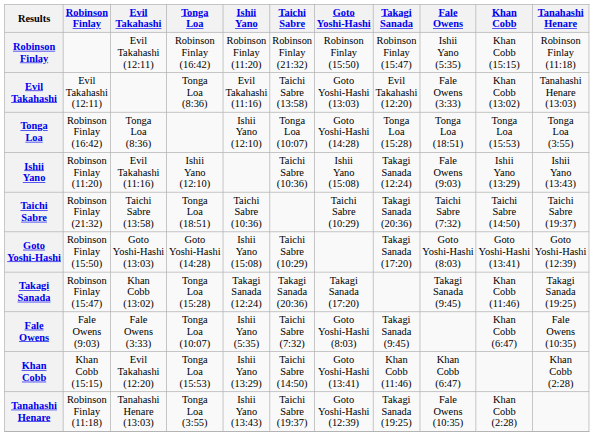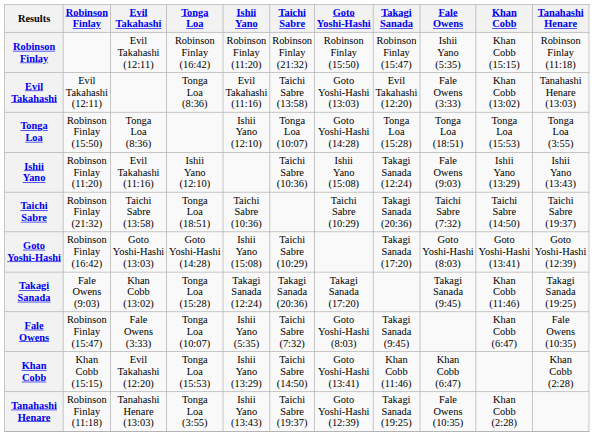 <table class="wikitable" style="text-align:center; margin: 1em auto 1em auto">
 <tr align="center">
 <th>Results</th>
 <th><a href='#'>Robinson</a><br><a href='#'>Finlay</a></th>
 <th><a href='#'>Evil</a><br><a href='#'>Takahashi</a></th>
 <th><a href='#'>Tonga</a><br><a href='#'>Loa</a></th>
 <th><a href='#'>Ishii</a><br><a href='#'>Yano</a></th>
 <th><a href='#'>Taichi</a><br><a href='#'>Sabre</a></th>
 <th><a href='#'>Goto</a><br><a href='#'>Yoshi-Hashi</a></th>
 <th><a href='#'>Takagi</a><br><a href='#'>Sanada</a></th>
 <th><a href='#'>Fale</a><br><a href='#'>Owens</a></th>
 <th><a href='#'>Khan</a><br><a href='#'>Cobb</a></th>
 <th><a href='#'>Tanahashi</a><br><a href='#'>Henare</a></th>
 </tr>
 <tr align="center">
 <th><a href='#'>Robinson</a><br><a href='#'>Finlay</a></th>
 <td></td>
 <td>Evil<br>Takahashi<br>(12:11)</td>
 <td>Robinson<br>Finlay<br>(16:42)</td>
 <td>Robinson<br>Finlay<br>(11:20)</td>
 <td>Robinson<br>Finlay<br>(21:32)</td>
 <td>Robinson<br>Finlay<br>(15:50)</td>
 <td>Robinson<br>Finlay<br>(15:47)</td>
 <td>Ishii<br>Yano<br>(5:35)</td>
 <td>Khan<br>Cobb<br>(15:15)</td>
 <td>Robinson<br>Finlay<br>(11:18)</td>
 </tr>
 <tr align="center">
 <th><a href='#'>Evil</a><br><a href='#'>Takahashi</a></th>
 <td>Evil<br>Takahashi<br>(12:11)</td>
 <td></td>
 <td>Tonga<br>Loa<br>(8:36)</td>
 <td>Evil<br>Takahashi<br>(11:16)</td>
 <td>Taichi<br>Sabre<br>(13:58)</td>
 <td>Goto<br>Yoshi-Hashi<br>(13:03)</td>
 <td>Evil<br>Takahashi<br>(12:20)</td>
 <td>Fale<br>Owens<br>(3:33)</td>
 <td>Khan<br>Cobb<br>(13:02)</td>
 <td>Tanahashi<br>Henare<br>(13:03)</td>
 </tr>
 <tr align="center">
 <th><a href='#'>Tonga</a><br><a href='#'>Loa</a></th>
-<td>Robinson<br>Finlay<br>(16:42)</td>
+<td>Robinson<br>Finlay<br>(15:50)</td>
 <td>Tonga<br>Loa<br>(8:36)</td>
 <td></td>
 <td>Ishii<br>Yano<br>(12:10)</td>
 <td>Tonga<br>Loa<br>(10:07)</td>
 <td>Goto<br>Yoshi-Hashi<br>(14:28)</td>
 <td>Tonga<br>Loa<br>(15:28)</td>
 <td>Tonga<br>Loa<br>(18:51)</td>
 <td>Tonga<br>Loa<br>(15:53)</td>
 <td>Tonga<br>Loa<br>(3:55)</td>
 </tr>
 <tr align="center">
 <th><a href='#'>Ishii</a><br><a href='#'>Yano</a></th>
 <td>Robinson<br>Finlay<br>(11:20)</td>
 <td>Evil<br>Takahashi<br>(11:16)</td>
 <td>Ishii<br>Yano<br>(12:10)</td>
 <td></td>
 <td>Taichi<br>Sabre<br>(10:36)</td>
 <td>Ishii<br>Yano<br>(15:08)</td>
 <td>Takagi<br>Sanada<br>(12:24)</td>
 <td>Fale<br>Owens<br>(9:03)</td>
 <td>Ishii<br>Yano<br>(13:29)</td>
 <td>Ishii<br>Yano<br>(13:43)</td>
 </tr>
 <tr align="center">
 <th><a href='#'>Taichi</a><br><a href='#'>Sabre</a></th>
 <td>Robinson<br>Finlay<br>(21:32)</td>
 <td>Taichi<br>Sabre<br>(13:58)</td>
 <td>Tonga<br>Loa<br>(18:51)</td>
 <td>Taichi<br>Sabre<br>(10:36)</td>
 <td></td>
 <td>Taichi<br>Sabre<br>(10:29)</td>
 <td>Takagi<br>Sanada<br>(20:36)</td>
 <td>Taichi<br>Sabre<br>(7:32)</td>
 <td>Taichi<br>Sabre<br>(14:50)</td>
 <td>Taichi<br>Sabre<br>(19:37)</td>
 </tr>
 <tr align="center">
 <th><a href='#'>Goto</a><br><a href='#'>Yoshi-Hashi</a></th>
-<td>Robinson<br>Finlay<br>(15:50)</td>
+<td>Robinson<br>Finlay<br>(16:42)</td>
 <td>Goto<br>Yoshi-Hashi<br>(13:03)</td>
 <td>Goto<br>Yoshi-Hashi<br>(14:28)</td>
 <td>Ishii<br>Yano<br>(15:08)</td>
 <td>Taichi<br>Sabre<br>(10:29)</td>
 <td></td>
 <td>Takagi<br>Sanada<br>(17:20)</td>
 <td>Goto<br>Yoshi-Hashi<br>(8:03)</td>
 <td>Goto<br>Yoshi-Hashi<br>(13:41)</td>
 <td>Goto<br>Yoshi-Hashi<br>(12:39)</td>
 </tr>
 <tr align="center">
 <th><a href='#'>Takagi</a><br><a href='#'>Sanada</a></th>
-<td>Robinson<br>Finlay<br>(15:47)</td>
+<td>Fale<br>Owens<br>(9:03)</td>
 <td>Khan<br>Cobb<br>(13:02)</td>
 <td>Tonga<br>Loa<br>(15:28)</td>
 <td>Takagi<br>Sanada<br>(12:24)</td>
 <td>Takagi<br>Sanada<br>(20:36)</td>
 <td>Takagi<br>Sanada<br>(17:20)</td>
 <td></td>
 <td>Takagi<br>Sanada<br>(9:45)</td>
 <td>Khan<br>Cobb<br>(11:46)</td>
 <td>Takagi<br>Sanada<br>(19:25)</td>
 </tr>
 <tr align="center">
 <th><a href='#'>Fale</a><br><a href='#'>Owens</a></th>
-<td>Fale<br>Owens<br>(9:03)</td>
+<td>Robinson<br>Finlay<br>(15:47)</td>
 <td>Fale<br>Owens<br>(3:33)</td>
 <td>Tonga<br>Loa<br>(10:07)</td>
 <td>Ishii<br>Yano<br>(5:35)</td>
 <td>Taichi<br>Sabre<br>(7:32)</td>
 <td>Goto<br>Yoshi-Hashi<br>(8:03)</td>
 <td>Takagi<br>Sanada<br>(9:45)</td>
 <td></td>
 <td>Khan<br>Cobb<br>(6:47)</td>
 <td>Fale<br>Owens<br>(10:35)</td>
 </tr>
 <tr align="center">
 <th><a href='#'>Khan</a><br><a href='#'>Cobb</a></th>
 <td>Khan<br>Cobb<br>(15:15)</td>
 <td>Evil<br>Takahashi<br>(12:20)</td>
 <td>Tonga<br>Loa<br>(15:53)</td>
 <td>Ishii<br>Yano<br>(13:29)</td>
 <td>Taichi<br>Sabre<br>(14:50)</td>
 <td>Goto<br>Yoshi-Hashi<br>(13:41)</td>
 <td>Khan<br>Cobb<br>(11:46)</td>
 <td>Khan<br>Cobb<br>(6:47)</td>
 <td></td>
 <td>Khan<br>Cobb<br>(2:28)</td>
 </tr>
 <tr align="center">
 <th><a href='#'>Tanahashi</a><br><a href='#'>Henare</a></th>
 <td>Robinson<br>Finlay<br>(11:18)</td>
 <td>Tanahashi<br>Henare<br>(13:03)</td>
 <td>Tonga<br>Loa<br>(3:55)</td>
 <td>Ishii<br>Yano<br>(13:43)</td>
 <td>Taichi<br>Sabre<br>(19:37)</td>
 <td>Goto<br>Yoshi-Hashi<br>(12:39)</td>
 <td>Takagi<br>Sanada<br>(19:25)</td>
 <td>Fale<br>Owens<br>(10:35)</td>
 <td>Khan<br>Cobb<br>(2:28)</td>
 <td></td>
 </tr>
 <tr align="center">
 </tr>
 </table>
